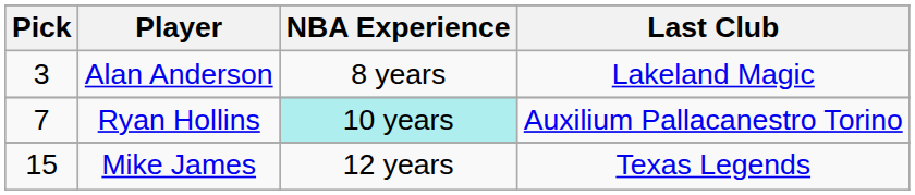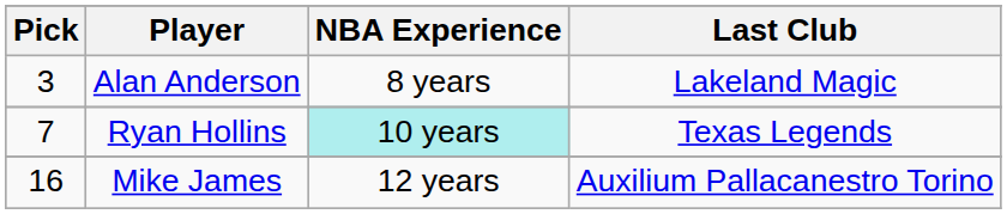 <table class="wikitable sortable sortable">
 <tr>
 </tr>
 <tr style="text-align: center">
 <th>Pick</th>
 <th>Player</th>
 <th>NBA Experience</th>
 <th>Last Club</th>
 </tr>
 <tr style="text-align: center">
 <td>3</td>
 <td><a href='#'>Alan Anderson</a></td>
 <td>8 years</td>
 <td> <a href='#'>Lakeland Magic</a></td>
 </tr>
 <tr>
 </tr>
 <tr style="text-align: center">
 <td>7</td>
 <td><a href='#'>Ryan Hollins</a></td>
 <td style="background: paleturquoise;">10 years</td>
-<td> <a href='#'>Auxilium Pallacanestro Torino</a></td>
+<td> <a href='#'>Texas Legends</a></td>
 </tr>
 <tr>
 </tr>
 <tr style="text-align: center">
-<td>15</td>
+<td>16</td>
 <td><a href='#'>Mike James</a></td>
 <td>12 years</td>
-<td> <a href='#'>Texas Legends</a></td>
+<td> <a href='#'>Auxilium Pallacanestro Torino</a></td>
 </tr>
 </table>
